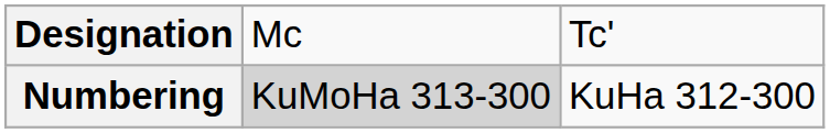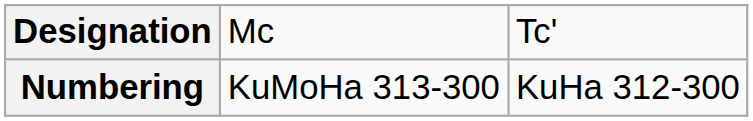 <table class="wikitable">
 <tr>
 <th>Designation</th>
 <td>Mc</td>
 <td>Tc'</td>
 </tr>
 <tr>
 <th>Numbering</th>
-<td style="background: lightgrey;">KuMoHa 313-300</td>
+<td>KuMoHa 313-300</td>
 <td>KuHa 312-300</td>
 </tr>
 </table>
